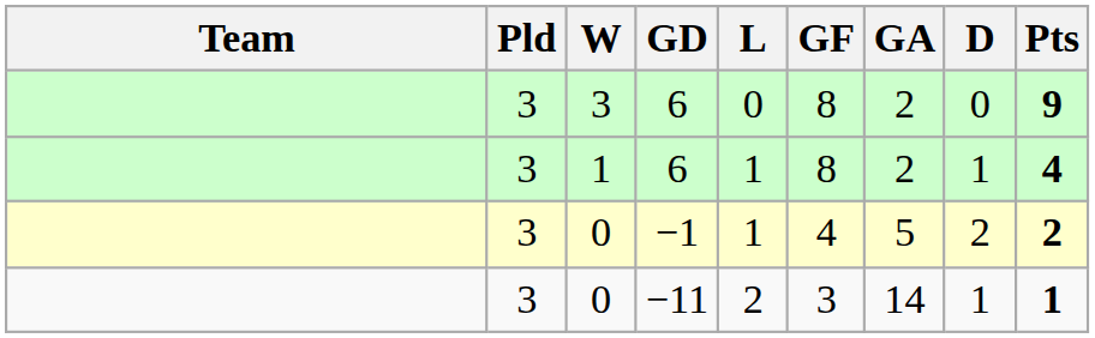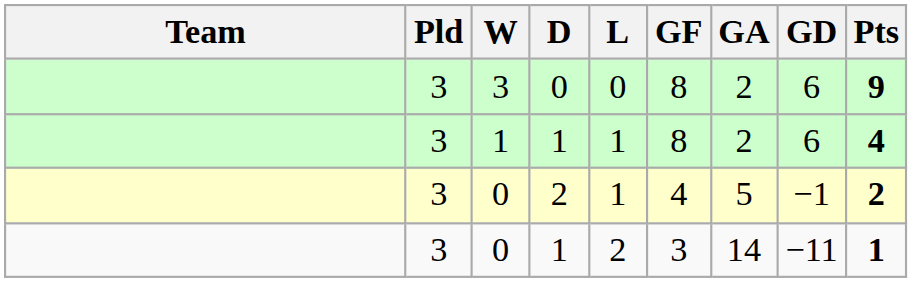 <table class="wikitable" style="text-align:center;">
 <tr>
 <th width=180>Team</th>
 <th width=20>Pld</th>
 <th width=20>W</th>
-<th width=20>GD</th>
+<th width=20>D</th>
 <th width=20>L</th>
 <th width=20>GF</th>
 <th width=20>GA</th>
-<th width=20>D</th>
+<th width=20>GD</th>
 <th width=20>Pts</th>
 </tr>
 <tr bgcolor="ccffcc">
 <td align="left"><em></em></td>
 <td>3</td>
 <td>3</td>
-<td>6</td>
+<td>0</td>
 <td>0</td>
 <td>8</td>
 <td>2</td>
-<td>0</td>
+<td>6</td>
 <td><strong>9</strong></td>
 </tr>
 <tr bgcolor="ccffcc">
 <td align="left"></td>
 <td>3</td>
 <td>1</td>
-<td>6</td>
+<td>1</td>
 <td>1</td>
 <td>8</td>
 <td>2</td>
-<td>1</td>
+<td>6</td>
 <td><strong>4</strong></td>
 </tr>
 <tr bgcolor="ffffcc">
 <td align="left"></td>
 <td>3</td>
 <td>0</td>
-<td>−1</td>
+<td>2</td>
 <td>1</td>
 <td>4</td>
 <td>5</td>
-<td>2</td>
+<td>−1</td>
 <td><strong>2</strong></td>
 </tr>
 <tr>
 <td align="left"></td>
 <td>3</td>
 <td>0</td>
-<td>−11</td>
+<td>1</td>
 <td>2</td>
 <td>3</td>
 <td>14</td>
-<td>1</td>
+<td>−11</td>
 <td><strong>1</strong></td>
 </tr>
 </table>
